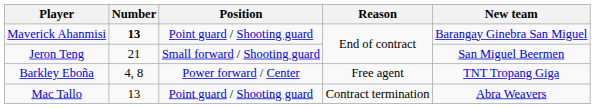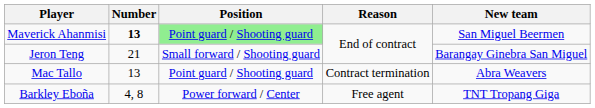 <table class="wikitable sortable sortable">
 <tr>
 <th>Player</th>
 <th>Number</th>
 <th>Position</th>
 <th>Reason</th>
 <th>New team</th>
 </tr>
 <tr style="text-align: center">
 <td><a href='#'>Maverick Ahanmisi</a></td>
 <td><strong>13</strong></td>
-<td><a href='#'>Point guard</a> / <a href='#'>Shooting guard</a></td>
+<td style="background: lightgreen;"><a href='#'>Point guard</a> / <a href='#'>Shooting guard</a></td>
 <td rowspan=2>End of contract</td>
-<td><a href='#'>Barangay Ginebra San Miguel</a></td>
+<td><a href='#'>San Miguel Beermen</a></td>
 </tr>
 <tr style="text-align: center">
 <td><a href='#'>Jeron Teng</a></td>
 <td>21</td>
 <td><a href='#'>Small forward</a> / <a href='#'>Shooting guard</a></td>
-<td><a href='#'>San Miguel Beermen</a></td>
+<td><a href='#'>Barangay Ginebra San Miguel</a></td>
+</tr>
+<tr style="text-align: center">
+<td><a href='#'>Mac Tallo</a></td>
+<td>13</td>
+<td><a href='#'>Point guard</a> / <a href='#'>Shooting guard</a></td>
+<td>Contract termination</td>
+<td><a href='#'>Abra Weavers</a> </td>
 </tr>
 <tr style="text-align: center">
 <td><a href='#'>Barkley Eboña</a></td>
 <td>4, 8</td>
 <td><a href='#'>Power forward</a> / <a href='#'>Center</a></td>
 <td>Free agent</td>
 <td><a href='#'>TNT Tropang Giga</a></td>
 </tr>
-<tr style="text-align: center">
-<td><a href='#'>Mac Tallo</a></td>
-<td>13</td>
-<td><a href='#'>Point guard</a> / <a href='#'>Shooting guard</a></td>
-<td>Contract termination</td>
-<td><a href='#'>Abra Weavers</a> </td>
-</tr>
 </table>
